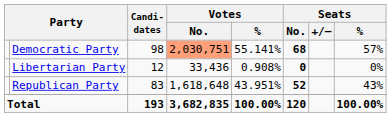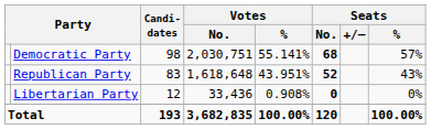 <table class="wikitable" style="font-size:100%; text-align:right;">
 <tr>
 <th colspan=2 rowspan=2>Party</th>
 <th rowspan=2><small>Candi-<br>dates</small></th>
 <th colspan=2>Votes</th>
 <th colspan=3>Seats</th>
 </tr>
 <tr>
 <th>No.</th>
 <th>%</th>
 <th>No.</th>
 <th>+/–</th>
 <th>%</th>
 </tr>
 <tr>
 <td style="background:"></td>
 <td align=left><a href='#'>Democratic Party</a></td>
 <td>98</td>
-<td style="background: lightsalmon;">2,030,751</td>
+<td>2,030,751</td>
 <td>55.141%</td>
 <td><strong>68</strong></td>
 <td></td>
 <td>57%</td>
+</tr>
+<tr>
+<td style="background:"></td>
+<td align=left><a href='#'>Republican Party</a></td>
+<td>83</td>
+<td>1,618,648</td>
+<td>43.951%</td>
+<td><strong>52</strong></td>
+<td></td>
+<td>43%</td>
 </tr>
 <tr>
 <td style="background:"></td>
 <td align=left><a href='#'>Libertarian Party</a></td>
 <td>12</td>
 <td>33,436</td>
 <td>0.908%</td>
 <td><strong>0</strong></td>
 <td></td>
 <td>0%</td>
-</tr>
-<tr>
-<td style="background:"></td>
-<td align=left><a href='#'>Republican Party</a></td>
-<td>83</td>
-<td>1,618,648</td>
-<td>43.951%</td>
-<td><strong>52</strong></td>
-<td></td>
-<td>43%</td>
 </tr>
 <tr>
 </tr>
 <tr style="font-weight:bold">
 <td colspan=2 align=left>Total</td>
 <td>193</td>
 <td>3,682,835</td>
 <td>100.00%</td>
 <td>120</td>
 <td></td>
 <td>100.00%</td>
 </tr>
 </table>
